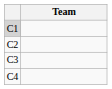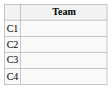 <table class="wikitable" style="display:inline-table;">
 <tr>
 <th></th>
 <th width=130>Team</th>
 </tr>
 <tr>
-<td align=center style="background: lightgrey;">C1</td>
+<td align=center>C1</td>
 <td></td>
 </tr>
 <tr>
 <td align=center>C2</td>
 <td></td>
 </tr>
 <tr>
 <td align=center>C3</td>
 <td></td>
 </tr>
 <tr>
 <td align=center>C4</td>
 <td></td>
 </tr>
 </table>
